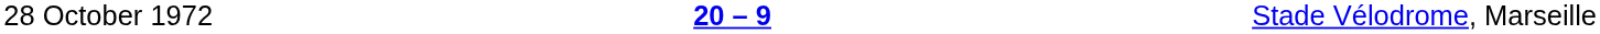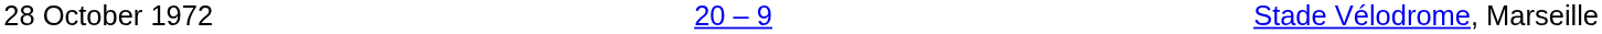 <table style="width:100%;" cellspacing="1">
 <tr>
 <th width=15%></th>
 <th width=25%></th>
 <th width=10%></th>
 <th width=25%></th>
 </tr>
 <tr style=font-size:90%>
 <td align=right>28 October 1972</td>
 <td align=right></td>
-<td align=center><strong><a href='#'>20 – 9</a></strong></td>
+<td align=center><a href='#'>20 – 9</a></td>
 <td></td>
 <td><a href='#'>Stade Vélodrome</a>, Marseille</td>
 </tr>
 </table>
